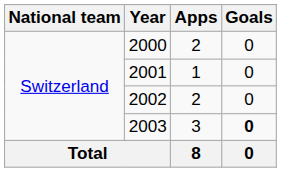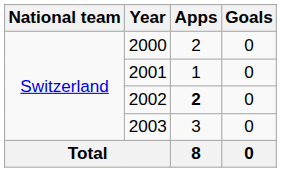 <table class="wikitable" style="text-align:center">
 <tr>
 <th>National team</th>
 <th>Year</th>
 <th>Apps</th>
 <th>Goals</th>
 </tr>
 <tr>
 <td rowspan="4"><a href='#'>Switzerland</a></td>
 <td>2000</td>
 <td>2</td>
 <td>0</td>
 </tr>
 <tr>
 <td>2001</td>
 <td>1</td>
 <td>0</td>
 </tr>
 <tr>
 <td>2002</td>
-<td>2</td>
+<td><strong>2</strong></td>
 <td>0</td>
 </tr>
 <tr>
 <td>2003</td>
 <td>3</td>
-<td><strong>0</strong></td>
+<td>0</td>
 </tr>
 <tr>
 <th colspan=2>Total</th>
 <th>8</th>
 <th>0</th>
 </tr>
 </table>
